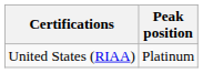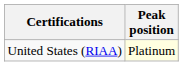 <table class="wikitable sortable">
 <tr>
 <th>Certifications</th>
 <th>Peak<br>position</th>
 </tr>
 <tr>
 <td align="left">United States (<a href='#'>RIAA</a>)</td>
-<td align="left">Platinum</td>
+<td align="left" style="background: lightyellow;">Platinum</td>
 </tr>
 </table>
